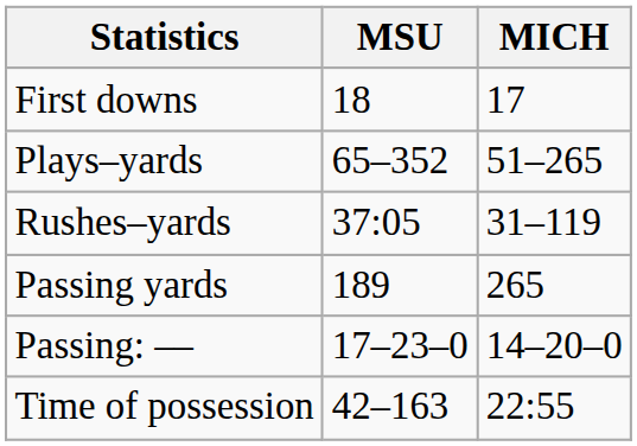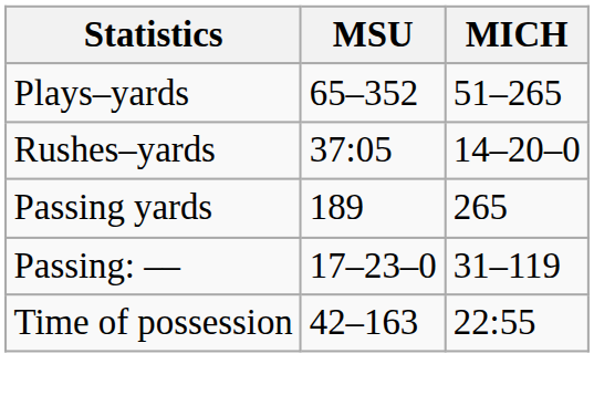 <table class="wikitable" style="float:left">
 <tr>
 <th>Statistics</th>
 <th>MSU</th>
 <th>MICH</th>
-</tr>
-<tr>
-<td>First downs</td>
-<td>18</td>
-<td>17</td>
 </tr>
 <tr>
 <td>Plays–yards</td>
 <td>65–352</td>
 <td>51–265</td>
 </tr>
 <tr>
 <td>Rushes–yards</td>
 <td>37:05</td>
-<td>31–119</td>
+<td>14–20–0</td>
 </tr>
 <tr>
 <td>Passing yards</td>
 <td>189</td>
 <td>265</td>
 </tr>
 <tr>
 <td>Passing: ––</td>
 <td>17–23–0</td>
-<td>14–20–0</td>
+<td>31–119</td>
 </tr>
 <tr>
 <td>Time of possession</td>
 <td>42–163</td>
 <td>22:55</td>
 </tr>
 </table>
